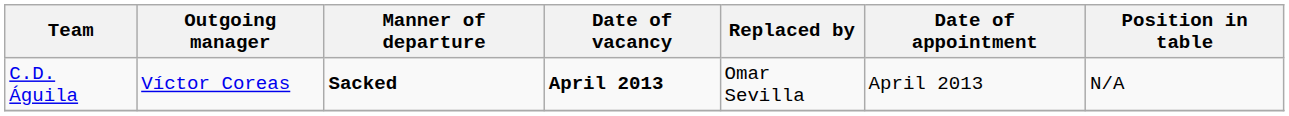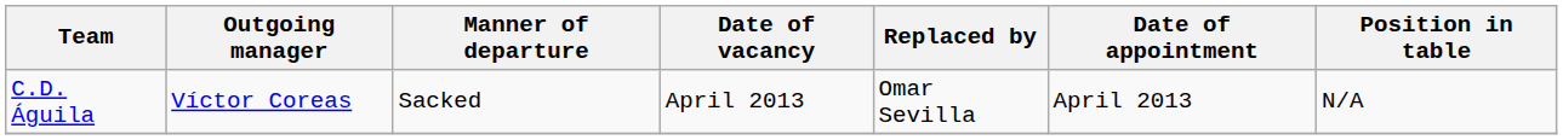 <table class="wikitable">
 <tr>
 <th>Team</th>
 <th>Outgoing manager</th>
 <th>Manner of departure</th>
 <th>Date of vacancy</th>
 <th>Replaced by</th>
 <th>Date of appointment</th>
 <th>Position in table</th>
 </tr>
 <tr>
 <td><a href='#'>C.D. Águila</a></td>
 <td> <a href='#'>Víctor Coreas</a></td>
-<td><strong>Sacked</strong></td>
-<td><strong>April 2013</strong></td>
+<td>Sacked</td>
+<td>April 2013</td>
 <td> Omar Sevilla</td>
 <td>April 2013</td>
 <td>N/A</td>
 </tr>
 <tr>
 </tr>
 </table>
